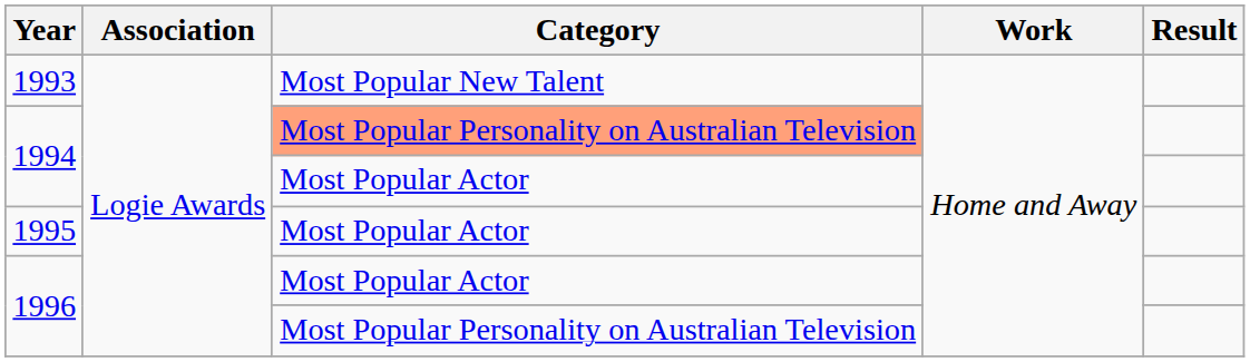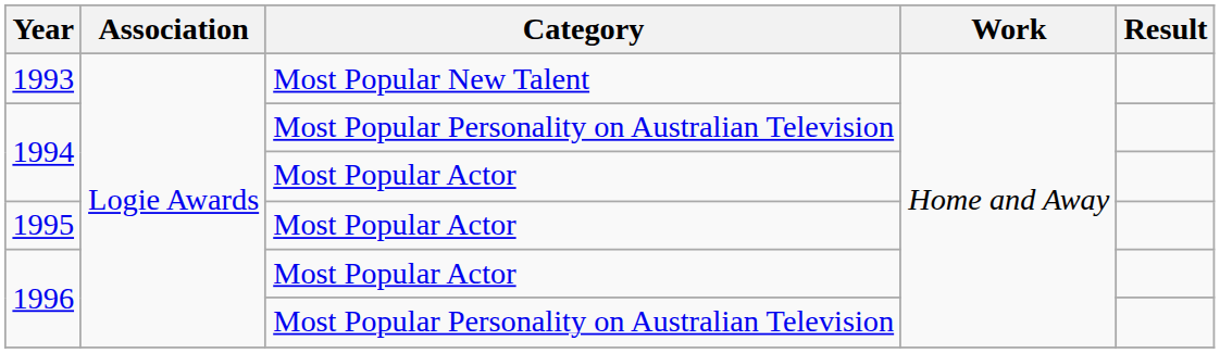 <table class="wikitable sortable">
 <tr>
 <th>Year</th>
 <th>Association</th>
 <th>Category</th>
 <th>Work</th>
 <th>Result</th>
 </tr>
 <tr>
 <td><a href='#'>1993</a></td>
 <td rowspan="6"><a href='#'>Logie Awards</a></td>
 <td><a href='#'>Most Popular New Talent</a></td>
 <td rowspan="6"><em>Home and Away</em></td>
 <td></td>
 </tr>
 <tr>
 <td rowspan="2"><a href='#'>1994</a></td>
-<td style="background: lightsalmon;"><a href='#'>Most Popular Personality on Australian Television</a></td>
+<td><a href='#'>Most Popular Personality on Australian Television</a></td>
 <td></td>
 </tr>
 <tr>
 <td><a href='#'>Most Popular Actor</a></td>
 <td></td>
 </tr>
 <tr>
 <td><a href='#'>1995</a></td>
 <td><a href='#'>Most Popular Actor</a></td>
 <td></td>
 </tr>
 <tr>
 <td rowspan="2"><a href='#'>1996</a></td>
 <td><a href='#'>Most Popular Actor</a></td>
 <td></td>
 </tr>
 <tr>
 <td><a href='#'>Most Popular Personality on Australian Television</a></td>
 <td></td>
 </tr>
 </table>
